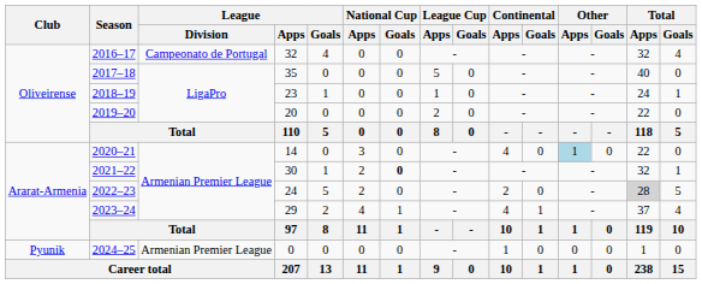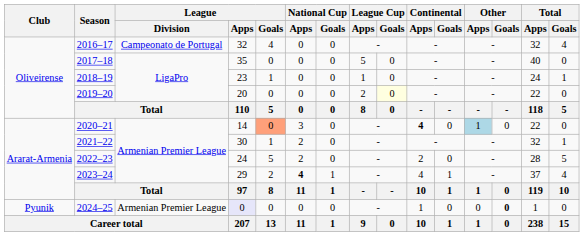 <table class="wikitable" style="text-align:center">
 <tr>
 <th rowspan="2">Club</th>
 <th rowspan="2">Season</th>
 <th colspan="3">League</th>
 <th colspan="2">National Cup</th>
 <th colspan="2">League Cup</th>
 <th colspan="2">Continental</th>
 <th colspan="2">Other</th>
 <th colspan="2">Total</th>
 </tr>
 <tr>
 <th>Division</th>
 <th>Apps</th>
 <th>Goals</th>
 <th>Apps</th>
 <th>Goals</th>
 <th>Apps</th>
 <th>Goals</th>
 <th>Apps</th>
 <th>Goals</th>
 <th>Apps</th>
 <th>Goals</th>
 <th>Apps</th>
 <th>Goals</th>
 </tr>
 <tr>
 <td rowspan="5"><a href='#'>Oliveirense</a></td>
 <td><a href='#'>2016–17</a></td>
 <td><a href='#'>Campeonato de Portugal</a></td>
 <td>32</td>
 <td>4</td>
 <td>0</td>
 <td>0</td>
 <td colspan="2">-</td>
 <td colspan="2">-</td>
 <td colspan="2">-</td>
 <td>32</td>
 <td>4</td>
 </tr>
 <tr>
 <td><a href='#'>2017–18</a></td>
 <td rowspan="3"><a href='#'>LigaPro</a></td>
 <td>35</td>
 <td>0</td>
 <td>0</td>
 <td>0</td>
 <td>5</td>
 <td>0</td>
 <td colspan="2">-</td>
 <td colspan="2">-</td>
 <td>40</td>
 <td>0</td>
 </tr>
 <tr>
 <td><a href='#'>2018–19</a></td>
 <td>23</td>
 <td>1</td>
 <td>0</td>
 <td>0</td>
 <td>1</td>
 <td>0</td>
 <td colspan="2">-</td>
 <td colspan="2">-</td>
 <td>24</td>
 <td>1</td>
 </tr>
 <tr>
 <td><a href='#'>2019–20</a></td>
 <td>20</td>
 <td>0</td>
 <td>0</td>
 <td>0</td>
 <td>2</td>
-<td>0</td>
+<td style="background: lightyellow;">0</td>
 <td colspan="2">-</td>
 <td colspan="2">-</td>
 <td>22</td>
 <td>0</td>
 </tr>
 <tr>
 <th colspan="2">Total</th>
 <th>110</th>
 <th>5</th>
 <th>0</th>
 <th>0</th>
 <th>8</th>
 <th>0</th>
 <th>-</th>
 <th>-</th>
 <th>-</th>
 <th>-</th>
 <th>118</th>
 <th>5</th>
 </tr>
 <tr>
 <td rowspan="5"><a href='#'>Ararat-Armenia</a></td>
 <td><a href='#'>2020–21</a></td>
 <td rowspan="4"><a href='#'>Armenian Premier League</a></td>
 <td>14</td>
-<td>0</td>
+<td style="background: lightsalmon;">0</td>
 <td>3</td>
 <td>0</td>
 <td colspan="2">-</td>
-<td>4</td>
+<td><strong>4</strong></td>
 <td>0</td>
 <td style="background: lightblue;">1</td>
 <td>0</td>
 <td>22</td>
 <td>0</td>
 </tr>
 <tr>
 <td><a href='#'>2021–22</a></td>
 <td>30</td>
 <td>1</td>
 <td>2</td>
-<td><strong>0</strong></td>
+<td>0</td>
 <td colspan="2">-</td>
 <td colspan="2">-</td>
 <td colspan="2">-</td>
 <td>32</td>
 <td>1</td>
 </tr>
 <tr>
 <td><a href='#'>2022–23</a></td>
 <td>24</td>
 <td>5</td>
 <td>2</td>
 <td>0</td>
 <td colspan="2">-</td>
 <td>2</td>
 <td>0</td>
 <td colspan="2">-</td>
-<td style="background: lightgrey;">28</td>
+<td>28</td>
 <td>5</td>
 </tr>
 <tr>
 <td><a href='#'>2023–24</a></td>
 <td>29</td>
 <td>2</td>
-<td>4</td>
+<td><strong>4</strong></td>
 <td>1</td>
 <td colspan="2">-</td>
 <td>4</td>
 <td>1</td>
 <td colspan="2">-</td>
 <td>37</td>
 <td>4</td>
 </tr>
 <tr>
 <th colspan="2">Total</th>
 <th>97</th>
 <th>8</th>
 <th>11</th>
 <th>1</th>
 <th>-</th>
 <th>-</th>
 <th>10</th>
 <th>1</th>
 <th>1</th>
 <th>0</th>
 <th>119</th>
 <th>10</th>
 </tr>
 <tr>
 <td rowspan="1"><a href='#'>Pyunik</a></td>
 <td><a href='#'>2024–25</a></td>
 <td rowspan="1">Armenian Premier League</td>
-<td>0</td>
+<td style="background: lavender;">0</td>
 <td>0</td>
 <td>0</td>
 <td>0</td>
 <td colspan="2">-</td>
 <td>1</td>
 <td>0</td>
 <td>0</td>
-<td>0</td>
+<td><strong>0</strong></td>
 <td>1</td>
 <td>0</td>
 </tr>
 <tr>
 <th colspan="3">Career total</th>
 <th>207</th>
 <th>13</th>
 <th>11</th>
 <th>1</th>
 <th>9</th>
 <th>0</th>
 <th>10</th>
 <th>1</th>
 <th>1</th>
 <th>0</th>
 <th>238</th>
 <th>15</th>
 </tr>
 </table>
